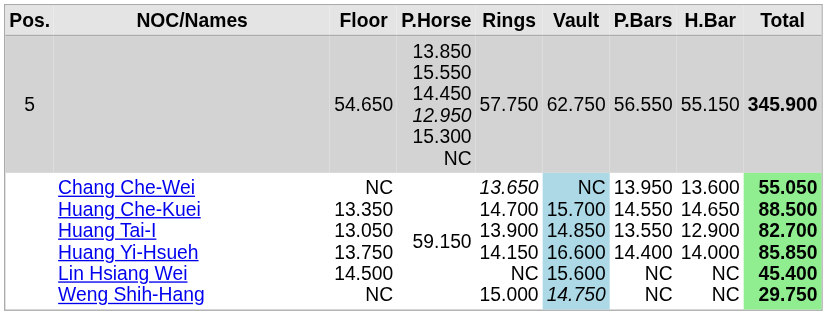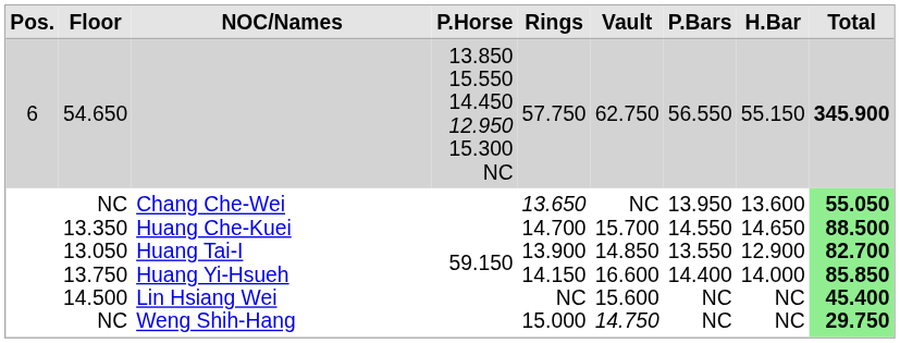 <table cellspacing="0" cellpadding="3" style="border:1px solid #AAAAAA;font-size:90%">
 <tr bgcolor="#E4E4E4">
 <th style="border-bottom:1px solid #AAAAAA" width="10" align="center">Pos.</th>
+<th style="border-bottom:1px solid #AAAAAA" width="40" align="center">Floor</th>
 <th style="border-bottom:1px solid #AAAAAA" width="200">NOC/Names</th>
-<th style="border-bottom:1px solid #AAAAAA" width="40" align="center">Floor</th>
 <th style="border-bottom:1px solid #AAAAAA" width="40" align="center">P.Horse</th>
 <th style="border-bottom:1px solid #AAAAAA" width="40" align="center">Rings</th>
 <th style="border-bottom:1px solid #AAAAAA" width="40" align="center">Vault</th>
 <th style="border-bottom:1px solid #AAAAAA" width="40" align="center">P.Bars</th>
 <th style="border-bottom:1px solid #AAAAAA" width="40" align="center">H.Bar</th>
 <th style="border-bottom:1px solid #AAAAAA" width="40" align="center">Total</th>
 </tr>
 <tr align="right" bgcolor="lightgrey">
-<td align="center">5</td>
+<td align="center">6</td>
+<td>54.650</td>
 <td align="left"></td>
-<td>54.650</td>
 <td>13.850 <br> 15.550 <br> 14.450 <br> <em>12.950</em> <br> 15.300 <br> NC</td>
 <td>57.750</td>
 <td>62.750</td>
 <td>56.550</td>
 <td>55.150</td>
 <td><strong>345.900</strong></td>
 </tr>
 <tr align="right">
 <td></td>
+<td>NC <br> 13.350 <br> 13.050 <br> 13.750 <br> 14.500 <br> NC</td>
 <td align="left"><a href='#'>Chang Che-Wei</a><br> <a href='#'>Huang Che-Kuei</a><br> <a href='#'>Huang Tai-I</a><br> <a href='#'>Huang Yi-Hsueh</a><br> <a href='#'>Lin Hsiang Wei</a><br> <a href='#'>Weng Shih-Hang</a></td>
-<td>NC <br> 13.350 <br> 13.050 <br> 13.750 <br> 14.500 <br> NC</td>
 <td>59.150</td>
 <td><em>13.650</em> <br> 14.700 <br> 13.900 <br> 14.150 <br> NC <br> 15.000</td>
-<td style="background: lightblue;">NC <br> 15.700 <br> 14.850 <br> 16.600 <br> 15.600 <br> <em>14.750</em></td>
+<td>NC <br> 15.700 <br> 14.850 <br> 16.600 <br> 15.600 <br> <em>14.750</em></td>
 <td>13.950 <br> 14.550 <br> 13.550 <br> 14.400 <br> NC <br> NC</td>
 <td>13.600 <br> 14.650 <br> 12.900 <br> 14.000 <br> NC <br> NC</td>
 <td style="background: lightgreen;"><strong>55.050</strong><br> <strong>88.500</strong><br> <strong>82.700</strong><br> <strong>85.850</strong><br> <strong>45.400</strong><br> <strong>29.750</strong></td>
 </tr>
 </table>
